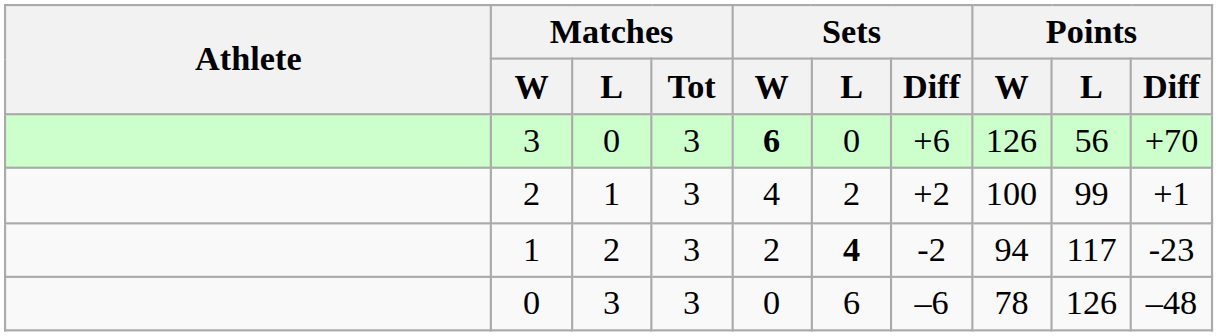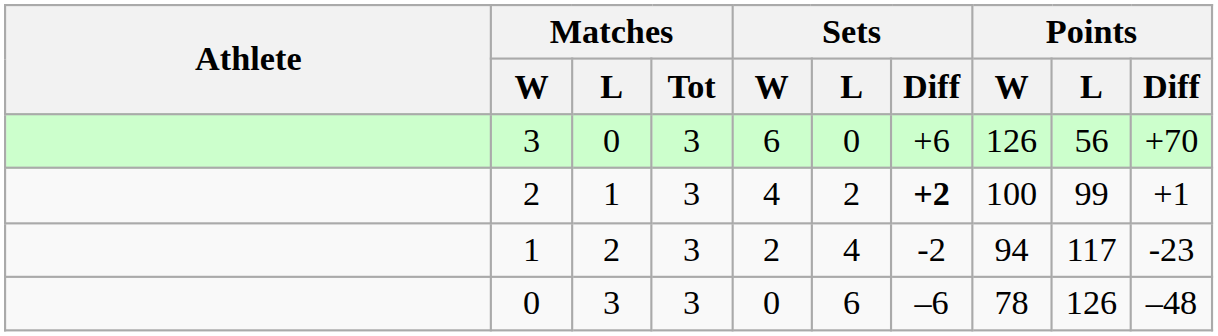 <table class=wikitable style="text-align:center">
 <tr>
 <th rowspan=2 width=220>Athlete</th>
 <th colspan=3 width=90>Matches</th>
 <th colspan=3 width=90>Sets</th>
 <th colspan=3 width=90>Points</th>
 </tr>
 <tr>
 <th width=30>W</th>
 <th width=30>L</th>
 <th width=30>Tot</th>
 <th width=30>W</th>
 <th width=30>L</th>
 <th width=30>Diff</th>
 <th width=30>W</th>
 <th width=30>L</th>
 <th width=30>Diff</th>
 </tr>
 <tr bgcolor=ccffcc>
 <td style="text-align:left"></td>
 <td>3</td>
 <td>0</td>
 <td>3</td>
-<td><strong>6</strong></td>
+<td>6</td>
 <td>0</td>
 <td>+6</td>
 <td>126</td>
 <td>56</td>
 <td>+70</td>
 </tr>
 <tr>
 <td style="text-align:left"></td>
 <td>2</td>
 <td>1</td>
 <td>3</td>
 <td>4</td>
 <td>2</td>
-<td>+2</td>
+<td><strong>+2</strong></td>
 <td>100</td>
 <td>99</td>
 <td>+1</td>
 </tr>
 <tr>
 <td style="text-align:left"></td>
 <td>1</td>
 <td>2</td>
 <td>3</td>
 <td>2</td>
-<td><strong>4</strong></td>
+<td>4</td>
 <td>-2</td>
 <td>94</td>
 <td>117</td>
 <td>-23</td>
 </tr>
 <tr>
 <td style="text-align:left"></td>
 <td>0</td>
 <td>3</td>
 <td>3</td>
 <td>0</td>
 <td>6</td>
 <td>–6</td>
 <td>78</td>
 <td>126</td>
 <td>–48</td>
 </tr>
 </table>
